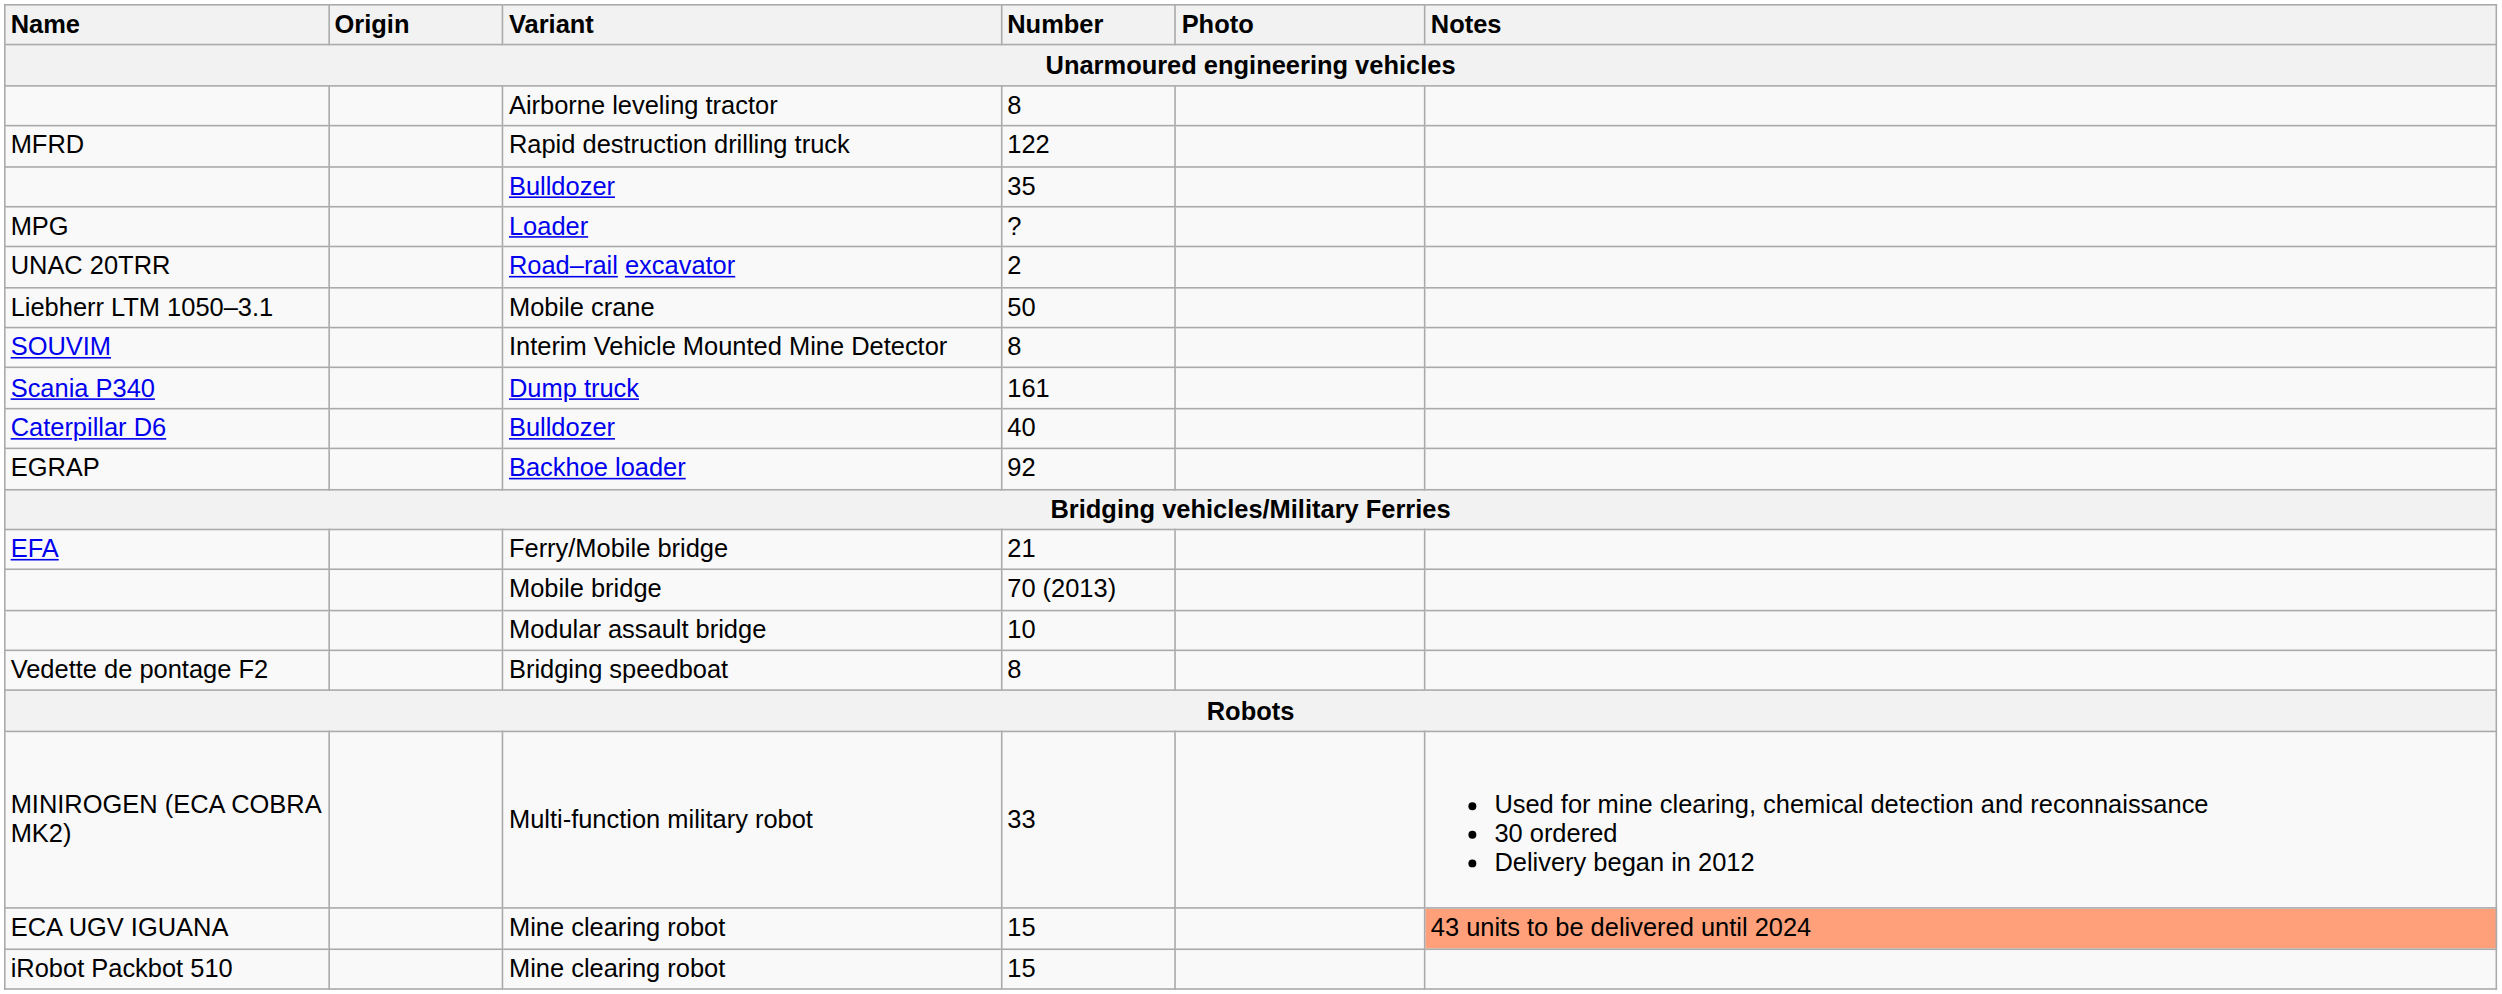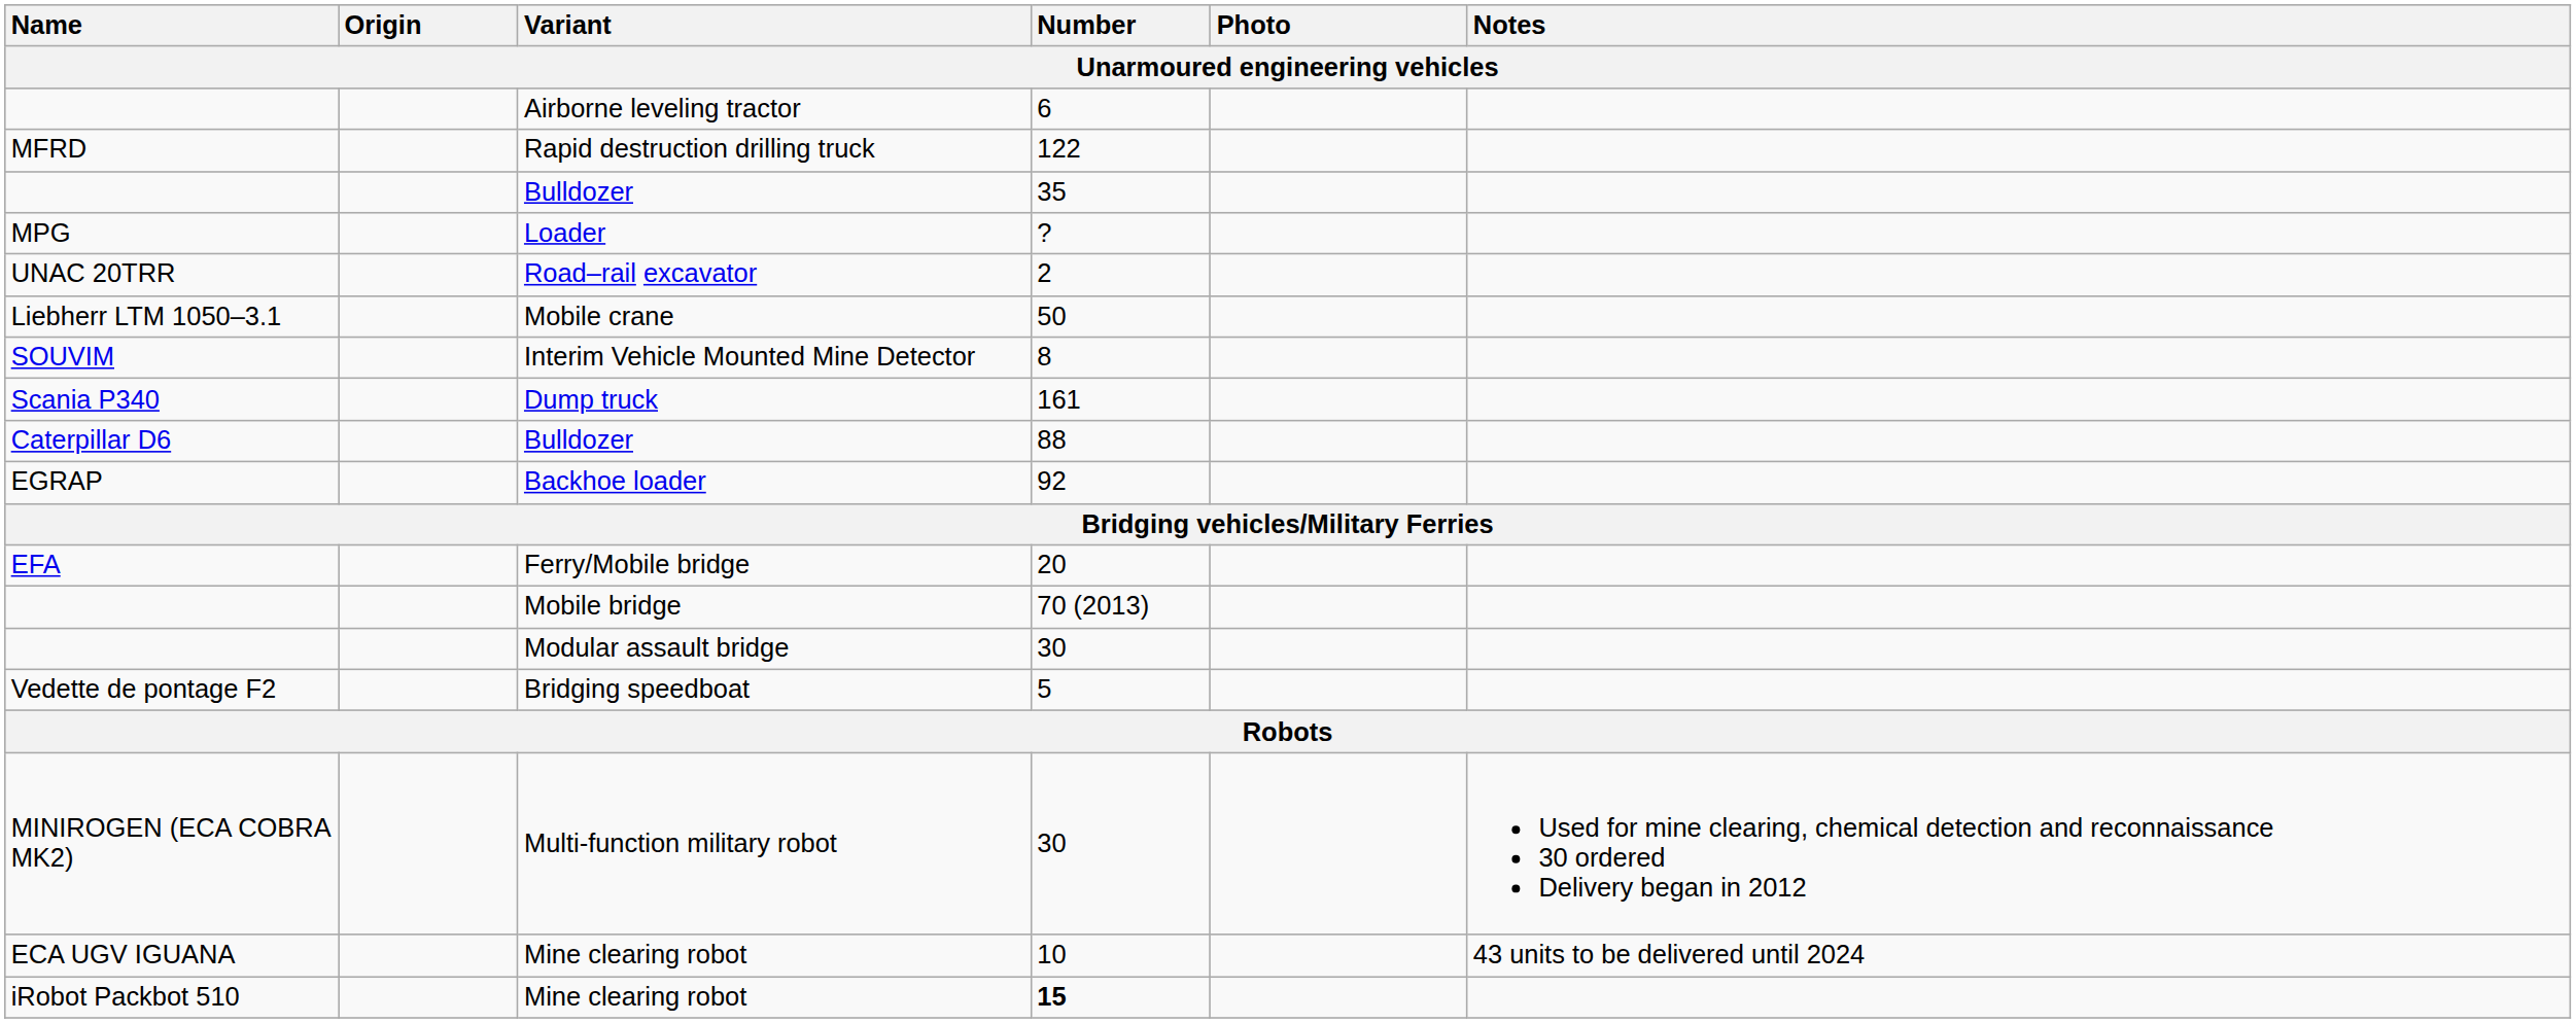 <table class="wikitable">
 <tr>
 <th style="text-align: left; width:13%;">Name</th>
 <th style="text-align: left; width:7%;">Origin</th>
 <th style="text-align: left; width:20%;">Variant</th>
 <th style="text-align: left; width:7%;">Number</th>
 <th style="text-align: left; width:10%; ">Photo</th>
 <th style="text-align: left; width:43%;">Notes</th>
 </tr>
 <tr>
 <th style="align: center;" colspan="6">Unarmoured engineering vehicles</th>
 </tr>
 <tr>
 <td></td>
 <td></td>
 <td>Airborne leveling tractor</td>
-<td>8</td>
+<td>6</td>
 <td></td>
 <td></td>
 </tr>
 <tr>
 <td>MFRD</td>
 <td></td>
 <td>Rapid destruction drilling truck</td>
 <td>122</td>
 <td></td>
 <td></td>
 </tr>
 <tr>
 <td></td>
 <td></td>
 <td><a href='#'>Bulldozer</a></td>
 <td>35</td>
 <td></td>
 <td></td>
 </tr>
 <tr>
 <td>MPG</td>
 <td></td>
 <td><a href='#'>Loader</a></td>
 <td>?</td>
 <td></td>
 <td></td>
 </tr>
 <tr>
 <td>UNAC 20TRR</td>
 <td></td>
 <td><a href='#'>Road–rail</a> <a href='#'>excavator</a></td>
 <td>2</td>
 <td></td>
 <td></td>
 </tr>
 <tr>
 <td>Liebherr LTM 1050–3.1</td>
 <td></td>
 <td>Mobile crane</td>
 <td>50</td>
 <td></td>
 <td></td>
 </tr>
 <tr>
 <td><a href='#'>SOUVIM</a></td>
 <td></td>
 <td>Interim Vehicle Mounted Mine Detector</td>
 <td>8</td>
 <td></td>
 <td></td>
 </tr>
 <tr>
 <td><a href='#'>Scania P340</a></td>
 <td></td>
 <td><a href='#'>Dump truck</a></td>
 <td>161</td>
 <td></td>
 <td></td>
 </tr>
 <tr>
 <td><a href='#'>Caterpillar D6</a></td>
 <td></td>
 <td><a href='#'>Bulldozer</a></td>
-<td>40</td>
+<td>88</td>
 <td></td>
 <td></td>
 </tr>
 <tr>
 <td>EGRAP</td>
 <td></td>
 <td><a href='#'>Backhoe loader</a></td>
 <td>92</td>
 <td></td>
 <td></td>
 </tr>
 <tr>
 <th style="align: center;" colspan="7">Bridging vehicles/Military Ferries</th>
 </tr>
 <tr>
 <td><a href='#'>EFA</a></td>
 <td></td>
 <td>Ferry/Mobile bridge</td>
-<td>21</td>
+<td>20</td>
 <td></td>
 <td></td>
 </tr>
 <tr>
 <td></td>
 <td></td>
 <td>Mobile bridge</td>
 <td>70 (2013)</td>
 <td></td>
 <td></td>
 </tr>
 <tr>
 <td></td>
 <td></td>
 <td>Modular assault bridge</td>
-<td>10</td>
+<td>30</td>
 <td></td>
 <td></td>
 </tr>
 <tr>
 <td>Vedette de pontage F2</td>
 <td></td>
 <td>Bridging speedboat</td>
-<td>8</td>
+<td>5</td>
 <td></td>
 <td></td>
 </tr>
 <tr>
 <th style="align: center;" colspan="7">Robots</th>
 </tr>
 <tr>
 <td>MINIROGEN (ECA COBRA MK2)</td>
 <td></td>
 <td>Multi-function military robot</td>
-<td>33</td>
+<td>30</td>
 <td></td>
 <td><br><ul><li>Used for mine clearing, chemical detection and reconnaissance</li><li>30 ordered</li><li>Delivery began in 2012</li></ul></td>
 </tr>
 <tr>
 <td>ECA UGV IGUANA</td>
 <td></td>
 <td>Mine clearing robot</td>
-<td>15</td>
+<td>10</td>
 <td></td>
-<td style="background: lightsalmon;">43 units to be delivered until 2024</td>
+<td>43 units to be delivered until 2024</td>
 </tr>
 <tr>
 <td>iRobot Packbot 510</td>
 <td></td>
 <td>Mine clearing robot</td>
-<td>15</td>
+<td><strong>15</strong></td>
 <td></td>
 <td></td>
 </tr>
 </table>
